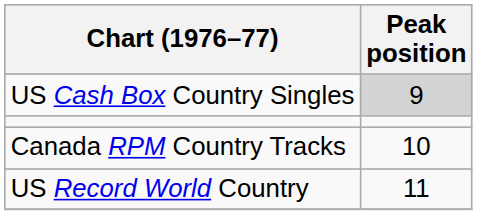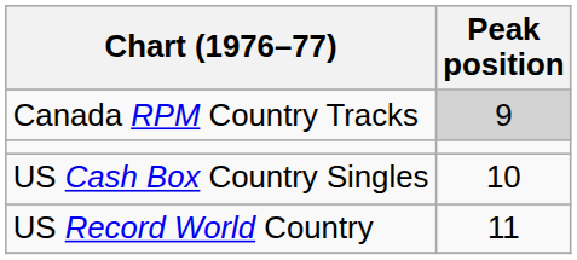 <table class="wikitable sortable">
 <tr>
 <th align="left">Chart (1976–77)</th>
 <th align="left">Peak<br>position</th>
 </tr>
 <tr>
-<td>US <em><a href='#'>Cash Box</a></em> Country Singles</td>
+<td>Canada <em><a href='#'>RPM</a></em> Country Tracks</td>
 <td style="background: lightgrey; text-align:center;">9</td>
 </tr>
 <tr>
 <td></td>
 </tr>
 <tr>
-<td>Canada <em><a href='#'>RPM</a></em> Country Tracks</td>
+<td>US <em><a href='#'>Cash Box</a></em> Country Singles</td>
 <td style="text-align:center;">10</td>
 </tr>
 <tr>
 <td>US <em><a href='#'>Record World</a></em> Country</td>
 <td style="text-align:center;">11</td>
 </tr>
 <tr>
 </tr>
 </table>
